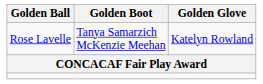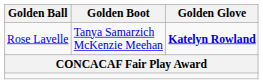 <table class="wikitable" style="margin:auto">
 <tr>
 <th>Golden Ball</th>
 <th>Golden Boot</th>
 <th>Golden Glove</th>
 </tr>
 <tr>
 <td> <a href='#'>Rose Lavelle</a></td>
 <td> <a href='#'>Tanya Samarzich</a><br> <a href='#'>McKenzie Meehan</a></td>
-<td> <a href='#'>Katelyn Rowland</a></td>
+<td><strong> <a href='#'>Katelyn Rowland</a></strong></td>
 </tr>
 <tr>
 <th colspan="3">CONCACAF Fair Play Award</th>
 </tr>
 <tr>
 <td colspan="3" style="text-align:center;"></td>
 </tr>
 </table>
